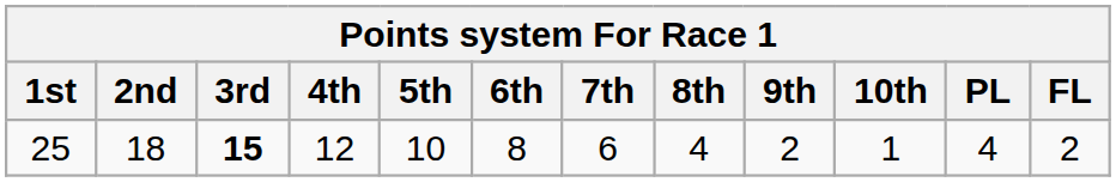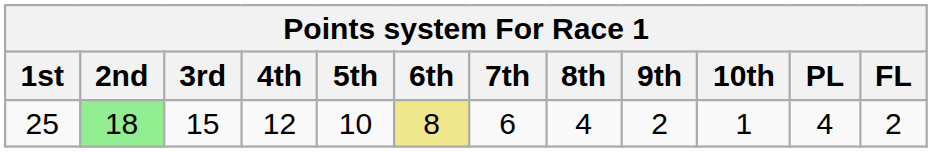 <table class="wikitable" style="font-size:85%; text-align:center">
 <tr>
 <th colspan="12">Points system For Race 1</th>
 </tr>
 <tr>
 <th> 1st </th>
 <th> 2nd </th>
 <th> 3rd </th>
 <th> 4th </th>
 <th> 5th </th>
 <th> 6th </th>
 <th> 7th </th>
 <th> 8th </th>
 <th> 9th </th>
 <th> 10th </th>
 <th> PL </th>
 <th> FL </th>
 </tr>
 <tr>
 <td>25</td>
-<td>18</td>
-<td><strong>15</strong></td>
+<td style="background: lightgreen;">18</td>
+<td>15</td>
 <td>12</td>
 <td>10</td>
-<td>8</td>
+<td style="background: khaki;">8</td>
 <td>6</td>
 <td>4</td>
 <td>2</td>
 <td>1</td>
 <td>4</td>
 <td>2</td>
 </tr>
 </table>
